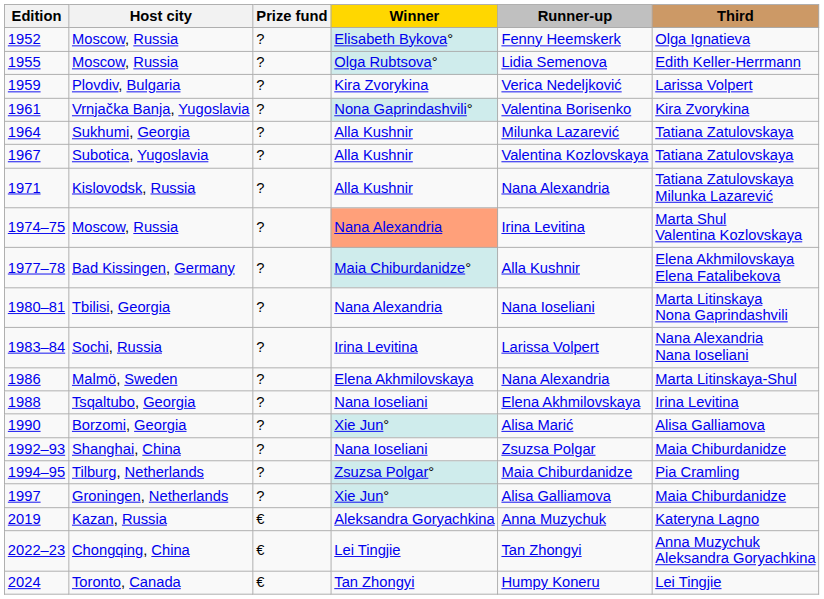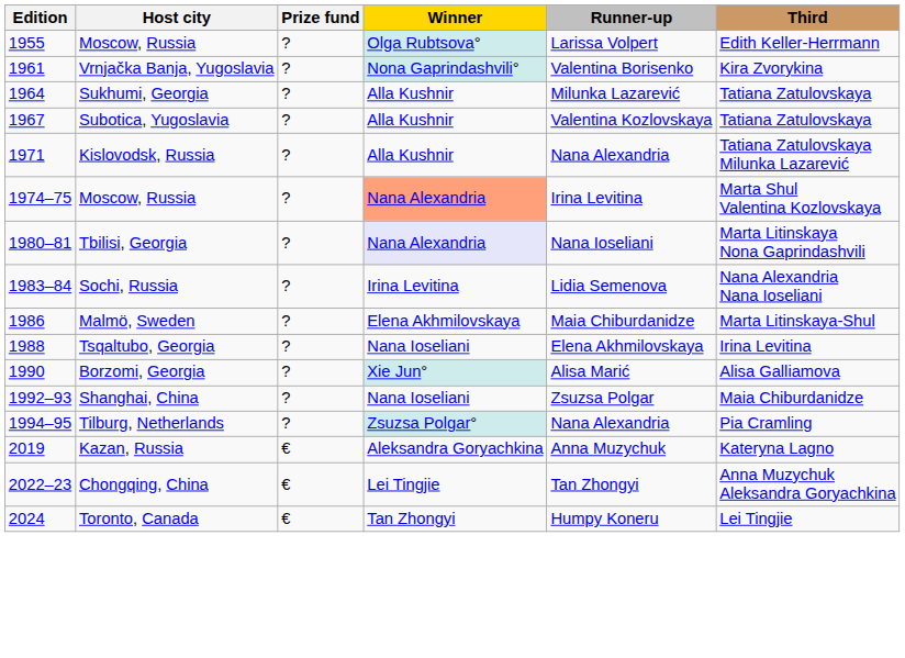 <table class="wikitable">
 <tr>
 <th>Edition</th>
 <th>Host city</th>
 <th>Prize fund</th>
 <th style="background:#ffd700">Winner</th>
 <th style="background:#c0c0c0">Runner-up</th>
 <th style="background:#cc9966">Third</th>
 </tr>
 <tr>
-<td><a href='#'>1952</a></td>
-<td><a href='#'>Moscow</a>, <a href='#'>Russia</a></td>
-<td>?</td>
-<td style="background-color: #CFECEC;"> <a href='#'>Elisabeth Bykova</a>°</td>
-<td> <a href='#'>Fenny Heemskerk</a></td>
-<td> <a href='#'>Olga Ignatieva</a></td>
-</tr>
-<tr>
 <td><a href='#'>1955</a></td>
 <td><a href='#'>Moscow</a>, <a href='#'>Russia</a></td>
 <td>?</td>
 <td style="background-color: #CFECEC;"> <a href='#'>Olga Rubtsova</a>°</td>
-<td> <a href='#'>Lidia Semenova</a></td>
+<td> <a href='#'>Larissa Volpert</a></td>
 <td> <a href='#'>Edith Keller-Herrmann</a></td>
-</tr>
-<tr>
-<td><a href='#'>1959</a></td>
-<td><a href='#'>Plovdiv</a>, <a href='#'>Bulgaria</a></td>
-<td>?</td>
-<td> <a href='#'>Kira Zvorykina</a></td>
-<td> <a href='#'>Verica Nedeljković</a></td>
-<td> <a href='#'>Larissa Volpert</a></td>
 </tr>
 <tr>
 <td><a href='#'>1961</a></td>
 <td><a href='#'>Vrnjačka Banja</a>, <a href='#'>Yugoslavia</a></td>
 <td>?</td>
 <td style="background-color: #CFECEC;"> <a href='#'>Nona Gaprindashvili</a>°</td>
 <td> <a href='#'>Valentina Borisenko</a></td>
 <td> <a href='#'>Kira Zvorykina</a></td>
 </tr>
 <tr>
 <td><a href='#'>1964</a></td>
 <td><a href='#'>Sukhumi</a>, <a href='#'>Georgia</a></td>
 <td>?</td>
 <td> <a href='#'>Alla Kushnir</a></td>
 <td> <a href='#'>Milunka Lazarević</a></td>
 <td> <a href='#'>Tatiana Zatulovskaya</a></td>
 </tr>
 <tr>
 <td><a href='#'>1967</a></td>
 <td><a href='#'>Subotica</a>, <a href='#'>Yugoslavia</a></td>
 <td>?</td>
 <td> <a href='#'>Alla Kushnir</a></td>
 <td> <a href='#'>Valentina Kozlovskaya</a></td>
 <td> <a href='#'>Tatiana Zatulovskaya</a></td>
 </tr>
 <tr>
 <td><a href='#'>1971</a></td>
 <td><a href='#'>Kislovodsk</a>, <a href='#'>Russia</a></td>
 <td>?</td>
 <td> <a href='#'>Alla Kushnir</a></td>
 <td> <a href='#'>Nana Alexandria</a></td>
 <td> <a href='#'>Tatiana Zatulovskaya</a> <br>  <a href='#'>Milunka Lazarević</a></td>
 </tr>
 <tr>
 <td><a href='#'>1974–75</a></td>
 <td><a href='#'>Moscow</a>, <a href='#'>Russia</a></td>
 <td>?</td>
 <td style="background: lightsalmon;"> <a href='#'>Nana Alexandria</a></td>
 <td> <a href='#'>Irina Levitina</a></td>
 <td> <a href='#'>Marta Shul</a> <br>  <a href='#'>Valentina Kozlovskaya</a></td>
 </tr>
 <tr>
-<td><a href='#'>1977–78</a></td>
-<td><a href='#'>Bad Kissingen</a>, <a href='#'>Germany</a></td>
-<td>?</td>
-<td style="background-color: #CFECEC;"> <a href='#'>Maia Chiburdanidze</a>°</td>
-<td> <a href='#'>Alla Kushnir</a></td>
-<td> <a href='#'>Elena Akhmilovskaya</a> <br>  <a href='#'>Elena Fatalibekova</a></td>
-</tr>
-<tr>
 <td><a href='#'>1980–81</a></td>
 <td><a href='#'>Tbilisi</a>, <a href='#'>Georgia</a></td>
 <td>?</td>
-<td> <a href='#'>Nana Alexandria</a></td>
+<td style="background: lavender;"> <a href='#'>Nana Alexandria</a></td>
 <td> <a href='#'>Nana Ioseliani</a></td>
 <td> <a href='#'>Marta Litinskaya</a> <br>  <a href='#'>Nona Gaprindashvili</a></td>
 </tr>
 <tr>
 <td><a href='#'>1983–84</a></td>
 <td><a href='#'>Sochi</a>, <a href='#'>Russia</a></td>
 <td>?</td>
 <td> <a href='#'>Irina Levitina</a></td>
-<td> <a href='#'>Larissa Volpert</a></td>
+<td> <a href='#'>Lidia Semenova</a></td>
 <td> <a href='#'>Nana Alexandria</a> <br>  <a href='#'>Nana Ioseliani</a></td>
 </tr>
 <tr>
 <td><a href='#'>1986</a></td>
 <td><a href='#'>Malmö</a>, <a href='#'>Sweden</a></td>
 <td>?</td>
 <td> <a href='#'>Elena Akhmilovskaya</a></td>
-<td> <a href='#'>Nana Alexandria</a></td>
+<td> <a href='#'>Maia Chiburdanidze</a></td>
 <td> <a href='#'>Marta Litinskaya-Shul</a></td>
 </tr>
 <tr>
 <td><a href='#'>1988</a></td>
 <td><a href='#'>Tsqaltubo</a>, <a href='#'>Georgia</a></td>
 <td>?</td>
 <td> <a href='#'>Nana Ioseliani</a></td>
 <td> <a href='#'>Elena Akhmilovskaya</a></td>
 <td> <a href='#'>Irina Levitina</a></td>
 </tr>
 <tr>
 <td><a href='#'>1990</a></td>
 <td><a href='#'>Borzomi</a>, <a href='#'>Georgia</a></td>
 <td>?</td>
 <td style="background-color: #CFECEC;"> <a href='#'>Xie Jun</a>°</td>
 <td> <a href='#'>Alisa Marić</a></td>
 <td> <a href='#'>Alisa Galliamova</a></td>
 </tr>
 <tr>
 <td><a href='#'>1992–93</a></td>
 <td><a href='#'>Shanghai</a>, <a href='#'>China</a></td>
 <td>?</td>
 <td> <a href='#'>Nana Ioseliani</a></td>
 <td> <a href='#'>Zsuzsa Polgar</a></td>
 <td> <a href='#'>Maia Chiburdanidze</a></td>
 </tr>
 <tr>
 <td><a href='#'>1994–95</a></td>
 <td><a href='#'>Tilburg</a>, <a href='#'>Netherlands</a></td>
 <td>?</td>
 <td style="background-color: #CFECEC;"> <a href='#'>Zsuzsa Polgar</a>°</td>
-<td> <a href='#'>Maia Chiburdanidze</a></td>
+<td> <a href='#'>Nana Alexandria</a></td>
 <td> <a href='#'>Pia Cramling</a></td>
-</tr>
-<tr>
-<td><a href='#'>1997</a></td>
-<td><a href='#'>Groningen</a>, <a href='#'>Netherlands</a></td>
-<td>?</td>
-<td style="background-color: #CFECEC;"> <a href='#'>Xie Jun</a>°</td>
-<td> <a href='#'>Alisa Galliamova</a></td>
-<td> <a href='#'>Maia Chiburdanidze</a></td>
 </tr>
 <tr>
 <td><a href='#'>2019</a></td>
 <td><a href='#'>Kazan</a>, <a href='#'>Russia</a></td>
 <td>€ </td>
 <td> <a href='#'>Aleksandra Goryachkina</a></td>
 <td> <a href='#'>Anna Muzychuk</a></td>
 <td> <a href='#'>Kateryna Lagno</a></td>
 </tr>
 <tr>
 <td><a href='#'>2022–23</a></td>
 <td><a href='#'>Chongqing</a>, <a href='#'>China</a></td>
 <td>€ </td>
 <td> <a href='#'>Lei Tingjie</a></td>
 <td> <a href='#'>Tan Zhongyi</a></td>
 <td> <a href='#'>Anna Muzychuk</a><br> <a href='#'>Aleksandra Goryachkina</a></td>
 </tr>
 <tr>
 <td><a href='#'>2024</a></td>
 <td><a href='#'>Toronto</a>, <a href='#'>Canada</a></td>
 <td>€ </td>
 <td> <a href='#'>Tan Zhongyi</a></td>
 <td> <a href='#'>Humpy Koneru</a></td>
 <td> <a href='#'>Lei Tingjie</a></td>
 </tr>
 </table>
